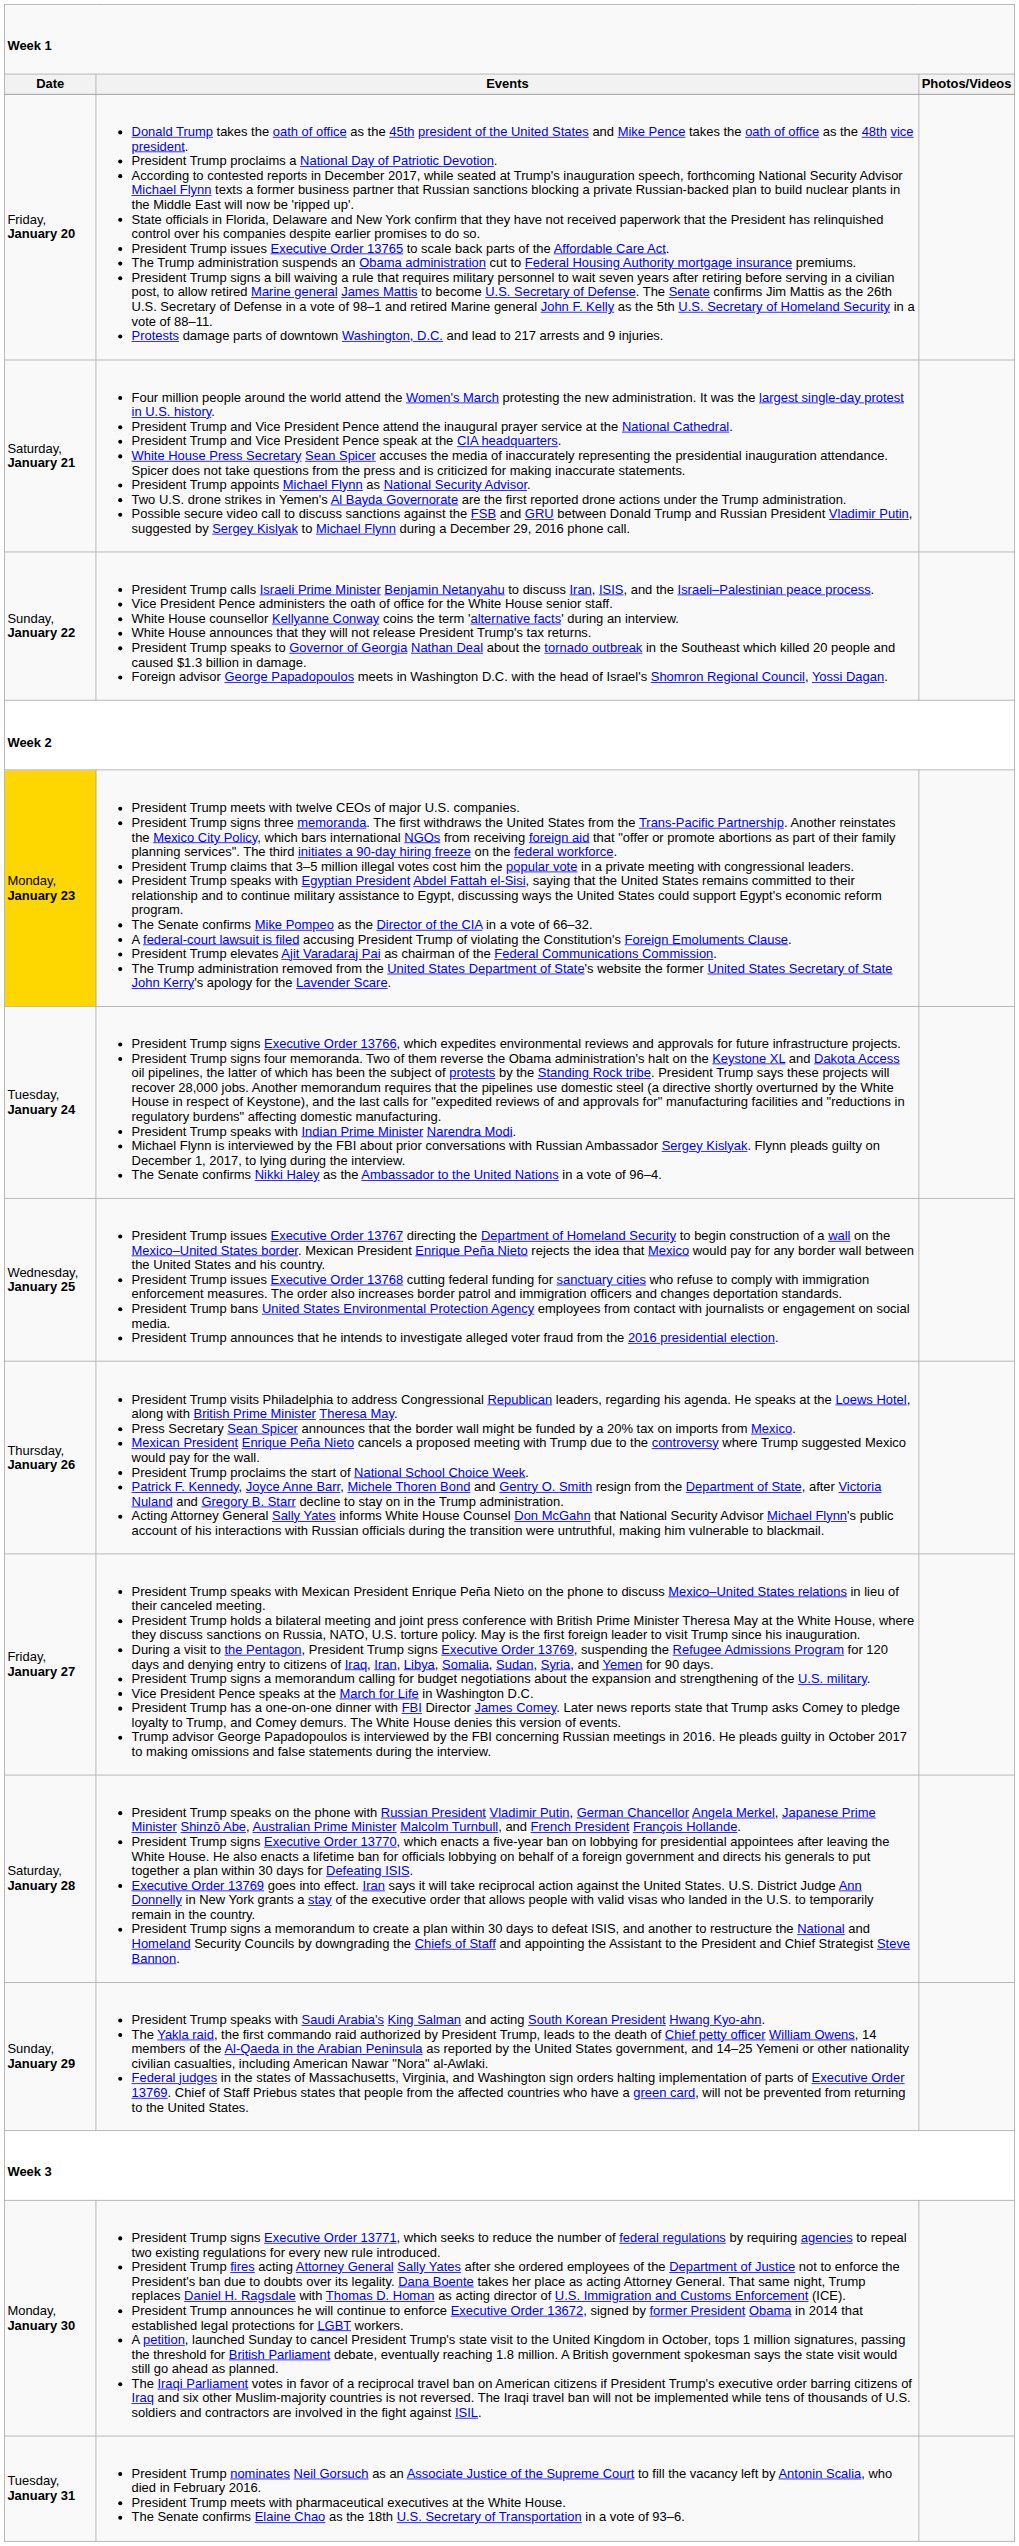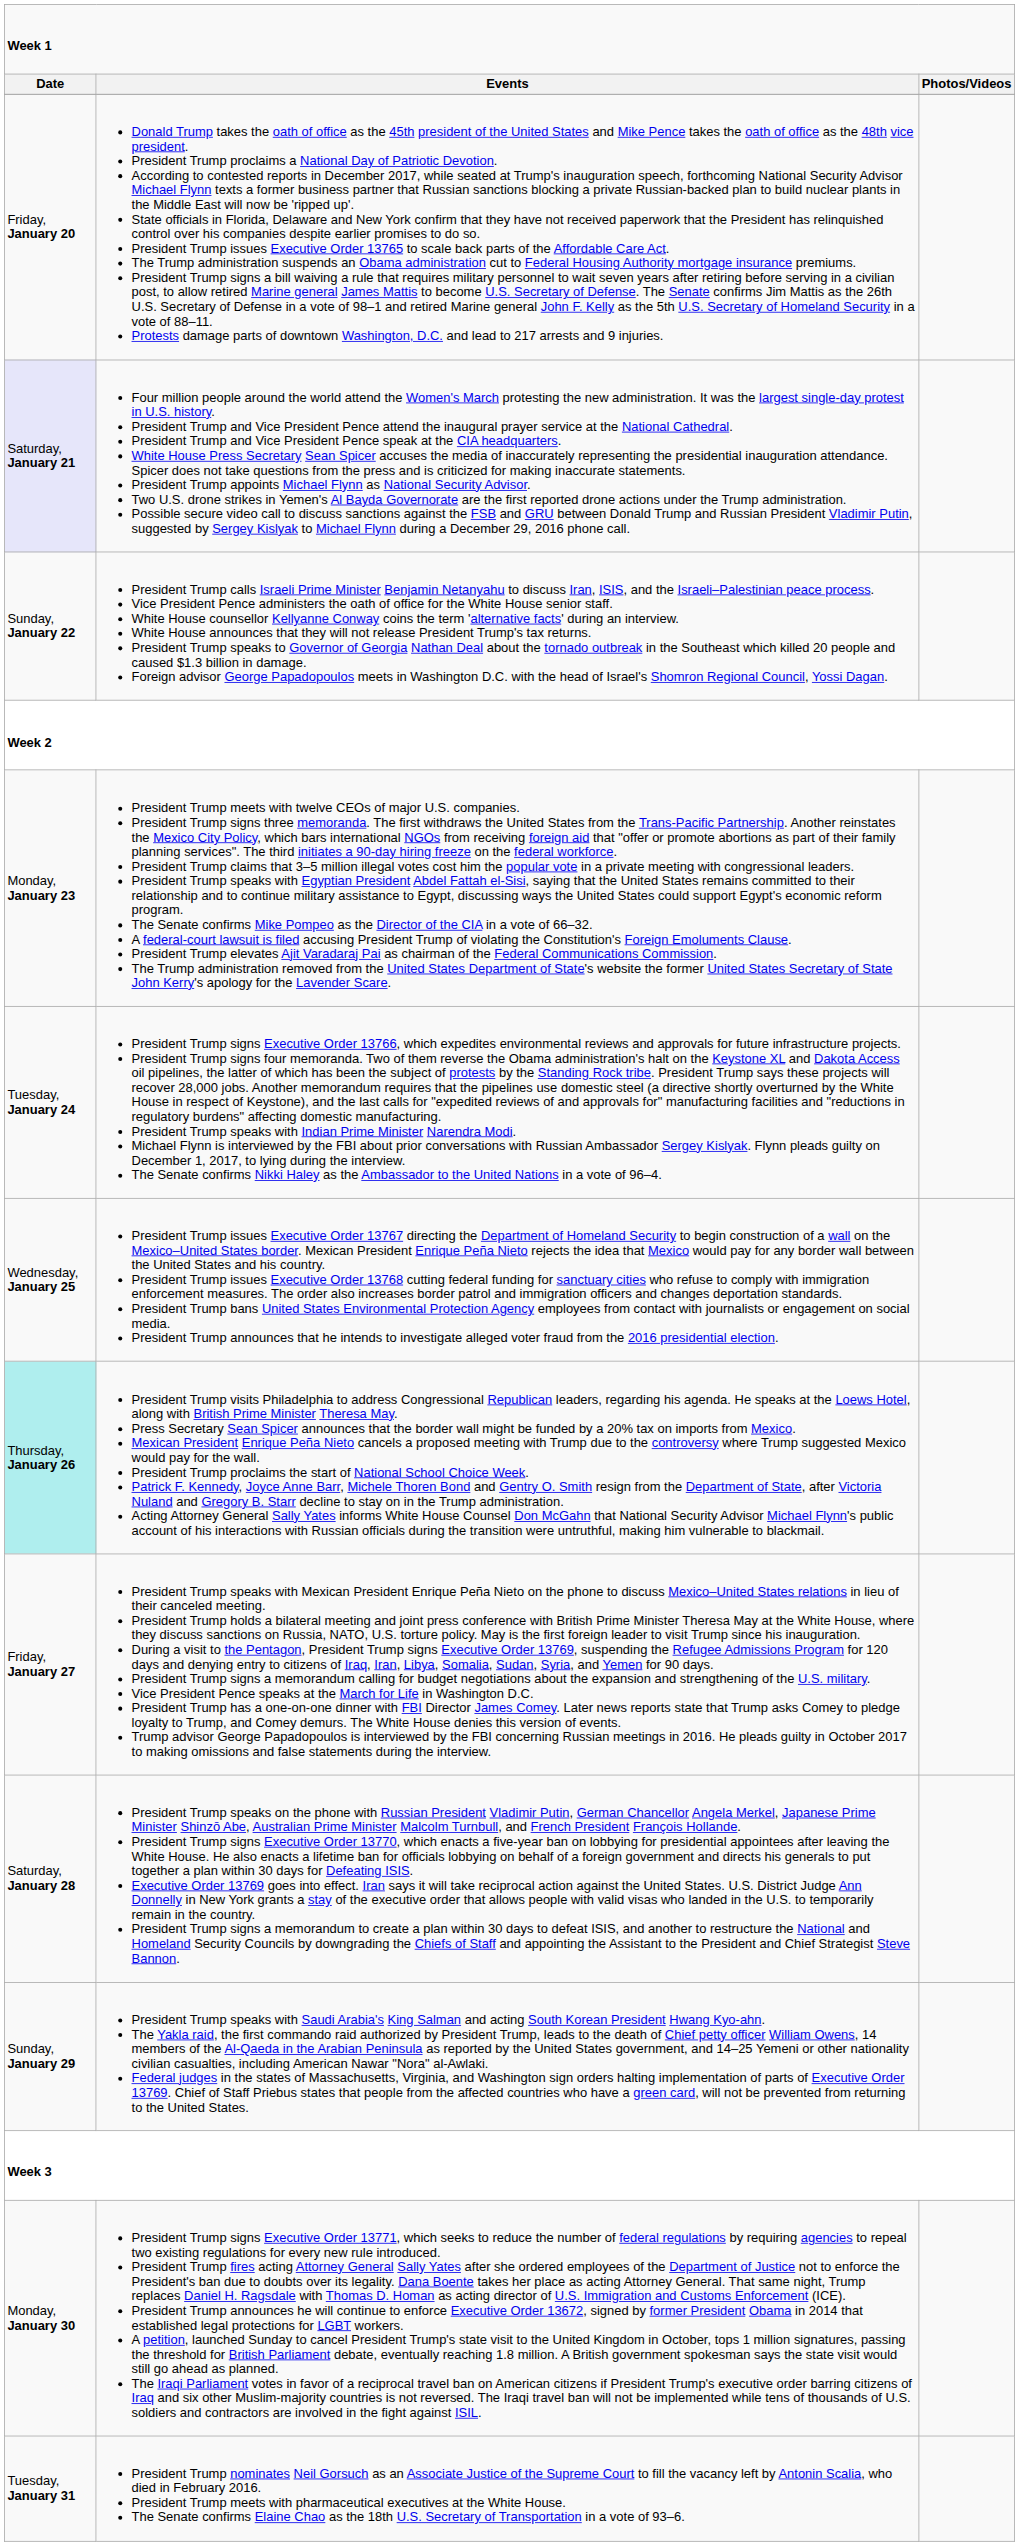 <table class="wikitable">
 <tr>
 <td colspan="3"><br><h4>Week 1</h4></td>
 </tr>
 <tr>
 <th>Date</th>
 <th>Events</th>
 <th>Photos/Videos</th>
 </tr>
 <tr style="background:white;">
 </tr>
 <tr>
 <td>Friday, <strong>January 20</strong></td>
 <td><br><ul><li><a href='#'>Donald Trump</a> takes the <a href='#'>oath of office</a> as the <a href='#'>45th</a> <a href='#'>president of the United States</a> and <a href='#'>Mike Pence</a> takes the <a href='#'>oath of office</a> as the <a href='#'>48th</a> <a href='#'>vice president</a>.</li><li>President Trump proclaims a <a href='#'>National Day of Patriotic Devotion</a>.</li><li>According to contested reports in December 2017, while seated at Trump's inauguration speech, forthcoming National Security Advisor <a href='#'>Michael Flynn</a> texts a former business partner that Russian sanctions blocking a private Russian-backed plan to build nuclear plants in the Middle East will now be 'ripped up'.</li><li>State officials in Florida, Delaware and New York confirm that they have not received paperwork that the President has relinquished control over his companies despite earlier promises to do so.</li><li>President Trump issues <a href='#'>Executive Order 13765</a> to scale back parts of the <a href='#'>Affordable Care Act</a>.</li><li>The Trump administration suspends an <a href='#'>Obama administration</a> cut to <a href='#'>Federal Housing Authority mortgage insurance</a> premiums.</li><li>President Trump signs a bill waiving a rule that requires military personnel to wait seven years after retiring before serving in a civilian post, to allow retired <a href='#'>Marine general</a> <a href='#'>James Mattis</a> to become <a href='#'>U.S. Secretary of Defense</a>. The <a href='#'>Senate</a> confirms Jim Mattis as the 26th U.S. Secretary of Defense in a vote of 98–1 and retired Marine general <a href='#'>John F. Kelly</a> as the 5th <a href='#'>U.S. Secretary of Homeland Security</a> in a vote of 88–11.</li><li><a href='#'>Protests</a> damage parts of downtown <a href='#'>Washington, D.C.</a> and lead to 217 arrests and 9 injuries.</li></ul></td>
 <td><br></td>
 </tr>
 <tr>
-<td>Saturday, <strong>January 21</strong></td>
+<td style="background: lavender;">Saturday, <strong>January 21</strong></td>
 <td><br><ul><li>Four million people around the world attend the <a href='#'>Women's March</a> protesting the new administration. It was the <a href='#'>largest single-day protest in U.S. history</a>.</li><li>President Trump and Vice President Pence attend the inaugural prayer service at the <a href='#'>National Cathedral</a>.</li><li>President Trump and Vice President Pence speak at the <a href='#'>CIA headquarters</a>.</li><li><a href='#'>White House Press Secretary</a> <a href='#'>Sean Spicer</a> accuses the media of inaccurately representing the presidential inauguration attendance. Spicer does not take questions from the press and is criticized for making inaccurate statements.</li><li>President Trump appoints <a href='#'>Michael Flynn</a> as <a href='#'>National Security Advisor</a>.</li><li>Two U.S. drone strikes in Yemen's <a href='#'>Al Bayda Governorate</a> are the first reported drone actions under the Trump administration.</li><li>Possible secure video call to discuss sanctions against the <a href='#'>FSB</a> and <a href='#'>GRU</a> between Donald Trump and Russian President <a href='#'>Vladimir Putin</a>, suggested by <a href='#'>Sergey Kislyak</a> to <a href='#'>Michael Flynn</a> during a December 29, 2016 phone call.</li></ul></td>
 <td><br></td>
 </tr>
 <tr>
 <td>Sunday, <strong>January 22</strong></td>
 <td><br><ul><li>President Trump calls <a href='#'>Israeli Prime Minister</a> <a href='#'>Benjamin Netanyahu</a> to discuss <a href='#'>Iran</a>, <a href='#'>ISIS</a>, and the <a href='#'>Israeli–Palestinian peace process</a>.</li><li>Vice President Pence administers the oath of office for the White House senior staff.</li><li>White House counsellor <a href='#'>Kellyanne Conway</a> coins the term '<a href='#'>alternative facts</a>' during an interview.</li><li>White House announces that they will not release President Trump's tax returns.</li><li>President Trump speaks to <a href='#'>Governor of Georgia</a> <a href='#'>Nathan Deal</a> about the <a href='#'>tornado outbreak</a> in the Southeast which killed 20 people and caused $1.3 billion in damage.</li><li>Foreign advisor <a href='#'>George Papadopoulos</a> meets in Washington D.C. with the head of Israel's <a href='#'>Shomron Regional Council</a>, <a href='#'>Yossi Dagan</a>.</li></ul></td>
 <td></td>
 </tr>
 <tr style="background:white;">
 <td colspan=3><br><h4>Week 2</h4></td>
 </tr>
 <tr>
-<td style="background: gold;">Monday, <strong>January 23</strong></td>
+<td>Monday, <strong>January 23</strong></td>
 <td><br><ul><li>President Trump meets with twelve CEOs of major U.S. companies.</li><li>President Trump signs three <a href='#'>memoranda</a>. The first withdraws the United States from the <a href='#'>Trans-Pacific Partnership</a>. Another reinstates the <a href='#'>Mexico City Policy</a>, which bars international <a href='#'>NGOs</a> from receiving <a href='#'>foreign aid</a> that "offer or promote abortions as part of their family planning services". The third <a href='#'>initiates a 90-day hiring freeze</a> on the <a href='#'>federal workforce</a>.</li><li>President Trump claims that 3–5 million illegal votes cost him the <a href='#'>popular vote</a> in a private meeting with congressional leaders.</li><li>President Trump speaks with <a href='#'>Egyptian President</a> <a href='#'>Abdel Fattah el-Sisi</a>, saying that the United States remains committed to their relationship and to continue military assistance to Egypt, discussing ways the United States could support Egypt's economic reform program.</li><li>The Senate confirms <a href='#'>Mike Pompeo</a> as the <a href='#'>Director of the CIA</a> in a vote of 66–32.</li><li>A <a href='#'>federal-court lawsuit is filed</a> accusing President Trump of violating the Constitution's <a href='#'>Foreign Emoluments Clause</a>.</li><li>President Trump elevates <a href='#'>Ajit Varadaraj Pai</a> as chairman of the <a href='#'>Federal Communications Commission</a>.</li><li>The Trump administration removed from the <a href='#'>United States Department of State</a>'s website the former <a href='#'>United States Secretary of State</a> <a href='#'>John Kerry</a>'s apology for the <a href='#'>Lavender Scare</a>.</li></ul></td>
 <td></td>
 </tr>
 <tr>
 <td>Tuesday, <strong>January 24</strong></td>
 <td><br><ul><li>President Trump signs <a href='#'>Executive Order 13766</a>, which expedites environmental reviews and approvals for future infrastructure projects.</li><li>President Trump signs four memoranda. Two of them reverse the Obama administration's halt on the <a href='#'>Keystone XL</a> and <a href='#'>Dakota Access</a> oil pipelines, the latter of which has been the subject of <a href='#'>protests</a> by the <a href='#'>Standing Rock tribe</a>. President Trump says these projects will recover 28,000 jobs. Another memorandum requires that the pipelines use domestic steel (a directive shortly overturned by the White House in respect of Keystone), and the last calls for "expedited reviews of and approvals for" manufacturing facilities and "reductions in regulatory burdens" affecting domestic manufacturing.</li><li>President Trump speaks with <a href='#'>Indian Prime Minister</a> <a href='#'>Narendra Modi</a>.</li><li>Michael Flynn is interviewed by the FBI about prior conversations with Russian Ambassador <a href='#'>Sergey Kislyak</a>. Flynn pleads guilty on December 1, 2017, to lying during the interview.</li><li>The Senate confirms <a href='#'>Nikki Haley</a> as the <a href='#'>Ambassador to the United Nations</a> in a vote of 96–4.</li></ul></td>
 <td></td>
 </tr>
 <tr>
 <td>Wednesday, <strong>January 25</strong></td>
 <td><br><ul><li>President Trump issues <a href='#'>Executive Order 13767</a> directing the <a href='#'>Department of Homeland Security</a> to begin construction of a <a href='#'>wall</a> on the <a href='#'>Mexico–United States border</a>. Mexican President <a href='#'>Enrique Peña Nieto</a> rejects the idea that <a href='#'>Mexico</a> would pay for any border wall between the United States and his country.</li><li>President Trump issues <a href='#'>Executive Order 13768</a> cutting federal funding for <a href='#'>sanctuary cities</a> who refuse to comply with immigration enforcement measures. The order also increases border patrol and immigration officers and changes deportation standards.</li><li>President Trump bans <a href='#'>United States Environmental Protection Agency</a> employees from contact with journalists or engagement on social media.</li><li>President Trump announces that he intends to investigate alleged voter fraud from the <a href='#'>2016 presidential election</a>.</li></ul></td>
 <td></td>
 </tr>
 <tr>
-<td>Thursday, <strong>January 26</strong></td>
+<td style="background: paleturquoise;">Thursday, <strong>January 26</strong></td>
 <td><br><ul><li>President Trump visits Philadelphia to address Congressional <a href='#'>Republican</a> leaders, regarding his agenda. He speaks at the <a href='#'>Loews Hotel</a>, along with <a href='#'>British Prime Minister</a> <a href='#'>Theresa May</a>.</li><li>Press Secretary <a href='#'>Sean Spicer</a> announces that the border wall might be funded by a 20% tax on imports from <a href='#'>Mexico</a>.</li><li><a href='#'>Mexican President</a> <a href='#'>Enrique Peña Nieto</a> cancels a proposed meeting with Trump due to the <a href='#'>controversy</a> where Trump suggested Mexico would pay for the wall.</li><li>President Trump proclaims the start of <a href='#'>National School Choice Week</a>.</li><li><a href='#'>Patrick F. Kennedy</a>, <a href='#'>Joyce Anne Barr</a>, <a href='#'>Michele Thoren Bond</a> and <a href='#'>Gentry O. Smith</a> resign from the <a href='#'>Department of State</a>, after <a href='#'>Victoria Nuland</a> and <a href='#'>Gregory B. Starr</a> decline to stay on in the Trump administration.</li><li>Acting Attorney General <a href='#'>Sally Yates</a> informs White House Counsel <a href='#'>Don McGahn</a> that National Security Advisor <a href='#'>Michael Flynn</a>'s public account of his interactions with Russian officials during the transition were untruthful, making him vulnerable to blackmail.</li></ul></td>
 <td></td>
 </tr>
 <tr>
 <td>Friday, <strong>January 27</strong></td>
 <td><br><ul><li>President Trump speaks with Mexican President Enrique Peña Nieto on the phone to discuss <a href='#'>Mexico–United States relations</a> in lieu of their canceled meeting.</li><li>President Trump holds a bilateral meeting and joint press conference with British Prime Minister Theresa May at the White House, where they discuss sanctions on Russia, NATO, U.S. torture policy. May is the first foreign leader to visit Trump since his inauguration.</li><li>During a visit to <a href='#'>the Pentagon</a>, President Trump signs <a href='#'>Executive Order 13769</a>, suspending the <a href='#'>Refugee Admissions Program</a> for 120 days and denying entry to citizens of <a href='#'>Iraq</a>, <a href='#'>Iran</a>, <a href='#'>Libya</a>, <a href='#'>Somalia</a>, <a href='#'>Sudan</a>, <a href='#'>Syria</a>, and <a href='#'>Yemen</a> for 90 days.</li><li>President Trump signs a memorandum calling for budget negotiations about the expansion and strengthening of the <a href='#'>U.S. military</a>.</li><li>Vice President Pence speaks at the <a href='#'>March for Life</a> in Washington D.C.</li><li>President Trump has a one-on-one dinner with <a href='#'>FBI</a> Director <a href='#'>James Comey</a>. Later news reports state that Trump asks Comey to pledge loyalty to Trump, and Comey demurs. The White House denies this version of events.</li><li>Trump advisor George Papadopoulos is interviewed by the FBI concerning Russian meetings in 2016. He pleads guilty in October 2017 to making omissions and false statements during the interview.</li></ul></td>
 <td></td>
 </tr>
 <tr>
 <td>Saturday, <strong>January 28</strong></td>
 <td><br><ul><li>President Trump speaks on the phone with <a href='#'>Russian President</a> <a href='#'>Vladimir Putin</a>, <a href='#'>German Chancellor</a> <a href='#'>Angela Merkel</a>, <a href='#'>Japanese Prime Minister</a> <a href='#'>Shinzō Abe</a>, <a href='#'>Australian Prime Minister</a> <a href='#'>Malcolm Turnbull</a>, and <a href='#'>French President</a> <a href='#'>François Hollande</a>.</li><li>President Trump signs <a href='#'>Executive Order 13770</a>, which enacts a five-year ban on lobbying for presidential appointees after leaving the White House. He also enacts a lifetime ban for officials lobbying on behalf of a foreign government and directs his generals to put together a plan within 30 days for <a href='#'>Defeating ISIS</a>.</li><li><a href='#'>Executive Order 13769</a> goes into effect. <a href='#'>Iran</a> says it will take reciprocal action against the United States. U.S. District Judge <a href='#'>Ann Donnelly</a> in New York grants a <a href='#'>stay</a> of the executive order that allows people with valid visas who landed in the U.S. to temporarily remain in the country.</li><li>President Trump signs a memorandum to create a plan within 30 days to defeat ISIS, and another to restructure the <a href='#'>National</a> and <a href='#'>Homeland</a> Security Councils by downgrading the <a href='#'>Chiefs of Staff</a> and appointing the Assistant to the President and Chief Strategist <a href='#'>Steve Bannon</a>.</li></ul></td>
 <td></td>
 </tr>
 <tr>
 <td>Sunday, <strong>January 29</strong></td>
 <td><br><ul><li>President Trump speaks with <a href='#'>Saudi Arabia's</a> <a href='#'>King Salman</a> and acting <a href='#'>South Korean President</a> <a href='#'>Hwang Kyo-ahn</a>.</li><li>The <a href='#'>Yakla raid</a>, the first commando raid authorized by President Trump, leads to the death of <a href='#'>Chief petty officer</a> <a href='#'>William Owens</a>, 14 members of the <a href='#'>Al-Qaeda in the Arabian Peninsula</a> as reported by the United States government, and 14–25 Yemeni or other nationality civilian casualties, including American Nawar "Nora" al-Awlaki.</li><li><a href='#'>Federal judges</a> in the states of Massachusetts, Virginia, and Washington sign orders halting implementation of parts of <a href='#'>Executive Order 13769</a>. Chief of Staff Priebus states that people from the affected countries who have a <a href='#'>green card</a>, will not be prevented from returning to the United States.</li></ul></td>
 <td></td>
 </tr>
 <tr style="background:white;">
 <td colspan=3><br><h4>Week 3</h4></td>
 </tr>
 <tr>
 <td>Monday, <strong>January 30</strong></td>
 <td><br><ul><li>President Trump signs <a href='#'>Executive Order 13771</a>, which seeks to reduce the number of <a href='#'>federal regulations</a> by requiring <a href='#'>agencies</a> to repeal two existing regulations for every new rule introduced.</li><li>President Trump <a href='#'>fires</a> acting <a href='#'>Attorney General</a> <a href='#'>Sally Yates</a> after she ordered employees of the <a href='#'>Department of Justice</a> not to enforce the President's ban due to doubts over its legality. <a href='#'>Dana Boente</a> takes her place as acting Attorney General. That same night, Trump replaces <a href='#'>Daniel H. Ragsdale</a> with <a href='#'>Thomas D. Homan</a> as acting director of <a href='#'>U.S. Immigration and Customs Enforcement</a> (ICE).</li><li>President Trump announces he will continue to enforce <a href='#'>Executive Order 13672</a>, signed by <a href='#'>former President</a> <a href='#'>Obama</a> in 2014 that established legal protections for <a href='#'>LGBT</a> workers.</li><li>A <a href='#'>petition</a>, launched Sunday to cancel President Trump's state visit to the United Kingdom in October, tops 1 million signatures, passing the threshold for <a href='#'>British Parliament</a> debate, eventually reaching 1.8 million. A British government spokesman says the state visit would still go ahead as planned.</li><li>The <a href='#'>Iraqi Parliament</a> votes in favor of a reciprocal travel ban on American citizens if President Trump's executive order barring citizens of <a href='#'>Iraq</a> and six other Muslim-majority countries is not reversed. The Iraqi travel ban will not be implemented while tens of thousands of U.S. soldiers and contractors are involved in the fight against <a href='#'>ISIL</a>.</li></ul></td>
 <td></td>
 </tr>
 <tr>
 <td>Tuesday, <strong>January 31</strong></td>
 <td><br><ul><li>President Trump <a href='#'>nominates</a> <a href='#'>Neil Gorsuch</a> as an <a href='#'>Associate Justice of the Supreme Court</a> to fill the vacancy left by <a href='#'>Antonin Scalia</a>, who died in February 2016.</li><li>President Trump  meets with pharmaceutical executives at the White House.</li><li>The Senate confirms <a href='#'>Elaine Chao</a> as the 18th <a href='#'>U.S. Secretary of Transportation</a> in a vote of 93–6.</li></ul></td>
 <td></td>
 </tr>
 </table>
